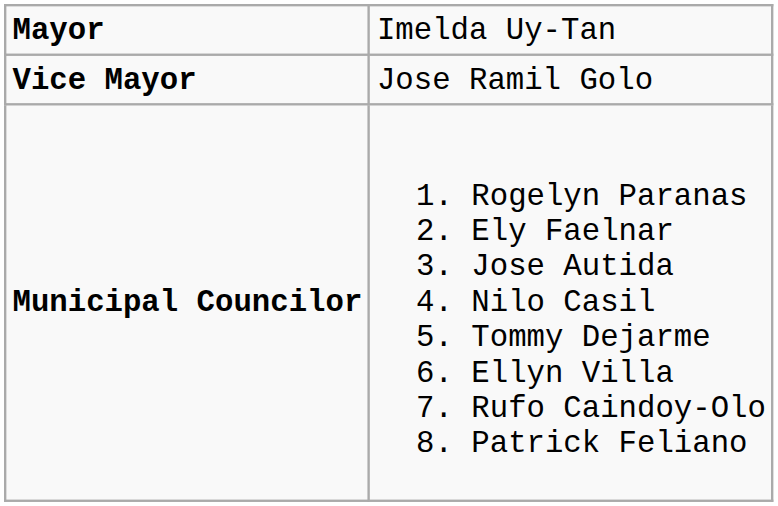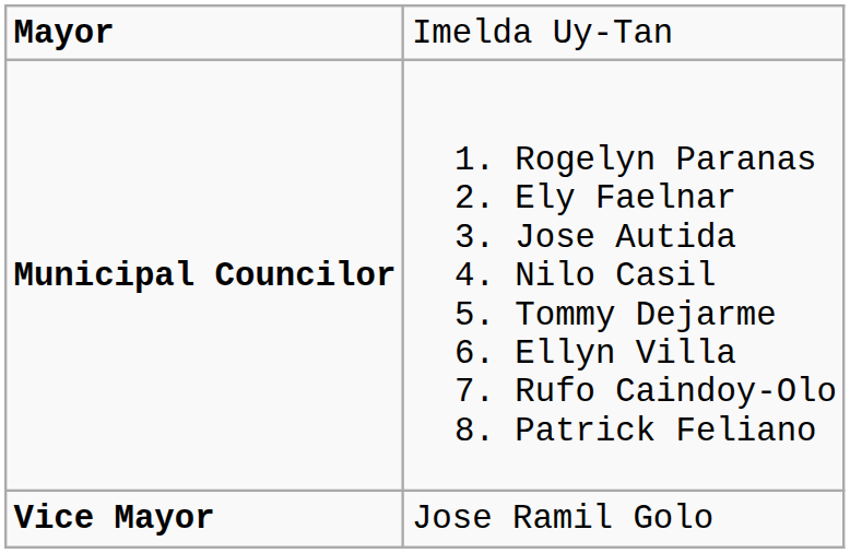 <table class="wikitable">
 <tr>
 <td><strong>Mayor</strong></td>
 <td>Imelda Uy-Tan</td>
 </tr>
 <tr>
+<td><strong>Municipal Councilor</strong></td>
+<td><br><ol><li>Rogelyn Paranas</li><li>Ely Faelnar</li><li>Jose Autida</li><li>Nilo Casil</li><li>Tommy Dejarme</li><li>Ellyn Villa</li><li>Rufo Caindoy-Olo</li><li>Patrick Feliano</li></ol></td>
+</tr>
+<tr>
 <td><strong>Vice Mayor</strong></td>
 <td>Jose Ramil Golo</td>
 </tr>
-<tr>
-<td><strong>Municipal Councilor</strong></td>
-<td><br><ol><li>Rogelyn Paranas</li><li>Ely Faelnar</li><li>Jose Autida</li><li>Nilo Casil</li><li>Tommy Dejarme</li><li>Ellyn Villa</li><li>Rufo Caindoy-Olo</li><li>Patrick Feliano</li></ol></td>
-</tr>
 </table>
